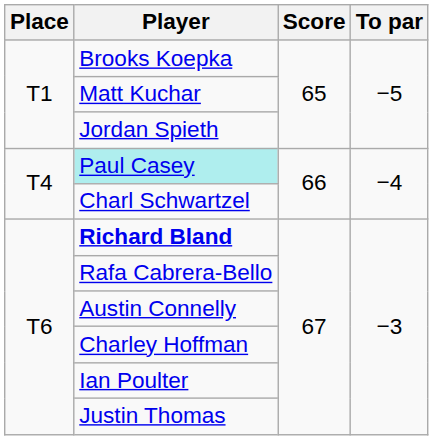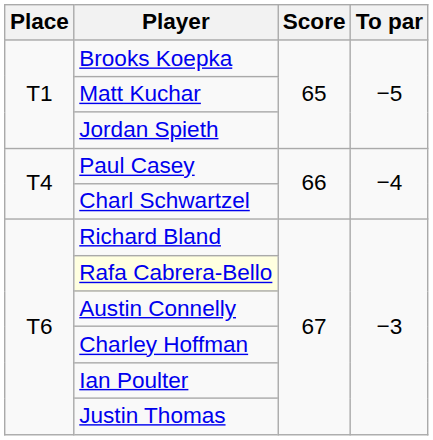 <table class="wikitable">
 <tr>
 <th>Place</th>
 <th>Player</th>
 <th>Score</th>
 <th>To par</th>
 </tr>
 <tr>
 <td rowspan=3 align=center>T1</td>
 <td> <a href='#'>Brooks Koepka</a></td>
 <td rowspan=3 align=center>65</td>
 <td rowspan=3 align=center>−5</td>
 </tr>
 <tr>
 <td> <a href='#'>Matt Kuchar</a></td>
 </tr>
 <tr>
 <td> <a href='#'>Jordan Spieth</a></td>
 </tr>
 <tr>
 <td rowspan=2 align=center>T4</td>
-<td style="background: paleturquoise;"> <a href='#'>Paul Casey</a></td>
+<td> <a href='#'>Paul Casey</a></td>
 <td rowspan=2 align=center>66</td>
 <td rowspan=2 align=center>−4</td>
 </tr>
 <tr>
 <td> <a href='#'>Charl Schwartzel</a></td>
 </tr>
 <tr>
 <td rowspan=6 align=center>T6</td>
-<td><strong> <a href='#'>Richard Bland</a></strong></td>
+<td> <a href='#'>Richard Bland</a></td>
 <td rowspan=6 align=center>67</td>
 <td rowspan=6 align=center>−3</td>
 </tr>
 <tr>
-<td> <a href='#'>Rafa Cabrera-Bello</a></td>
+<td style="background: lightyellow;"> <a href='#'>Rafa Cabrera-Bello</a></td>
 </tr>
 <tr>
 <td> <a href='#'>Austin Connelly</a></td>
 </tr>
 <tr>
 <td> <a href='#'>Charley Hoffman</a></td>
 </tr>
 <tr>
 <td> <a href='#'>Ian Poulter</a></td>
 </tr>
 <tr>
 <td> <a href='#'>Justin Thomas</a></td>
 </tr>
 </table>
